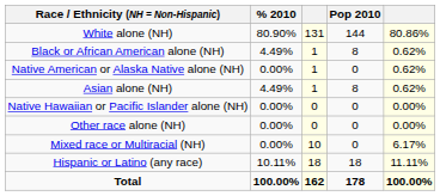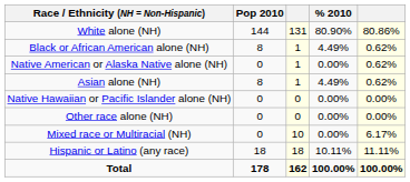 <table class="wikitable" style="text-align:center;">
 <tr>
 <th>Race / Ethnicity <small>(<em>NH = Non-Hispanic</em>)</small></th>
+<th>Pop 2010</th>
+<th></th>
 <th>% 2010</th>
-<th></th>
-<th>Pop 2010</th>
 <th></th>
 </tr>
 <tr>
 <td><a href='#'>White</a> alone (NH)</td>
+<td>144</td>
+<td style='background: #ffffe6;'>131</td>
 <td>80.90%</td>
-<td style='background: #ffffe6;'>131</td>
-<td>144</td>
 <td style='background: #ffffe6;'>80.86%</td>
 </tr>
 <tr>
 <td><a href='#'>Black or African American</a> alone (NH)</td>
+<td>8</td>
+<td style='background: #ffffe6;'>1</td>
 <td>4.49%</td>
-<td style='background: #ffffe6;'>1</td>
-<td>8</td>
 <td style='background: #ffffe6;'>0.62%</td>
 </tr>
 <tr>
 <td><a href='#'>Native American</a> or <a href='#'>Alaska Native</a> alone (NH)</td>
+<td>0</td>
+<td style='background: #ffffe6;'>1</td>
 <td>0.00%</td>
-<td style='background: #ffffe6;'>1</td>
-<td>0</td>
 <td style='background: #ffffe6;'>0.62%</td>
 </tr>
 <tr>
 <td><a href='#'>Asian</a> alone (NH)</td>
+<td>8</td>
+<td style='background: #ffffe6;'>1</td>
 <td>4.49%</td>
-<td style='background: #ffffe6;'>1</td>
-<td>8</td>
 <td style='background: #ffffe6;'>0.62%</td>
 </tr>
 <tr>
 <td><a href='#'>Native Hawaiian</a> or <a href='#'>Pacific Islander</a> alone (NH)</td>
+<td>0</td>
+<td style='background: #ffffe6;'>0</td>
 <td>0.00%</td>
-<td style='background: #ffffe6;'>0</td>
-<td>0</td>
 <td style='background: #ffffe6;'>0.00%</td>
 </tr>
 <tr>
 <td><a href='#'>Other race</a> alone (NH)</td>
+<td>0</td>
+<td style='background: #ffffe6;'>0</td>
 <td>0.00%</td>
-<td style='background: #ffffe6;'>0</td>
-<td>0</td>
 <td style='background: #ffffe6;'>0.00%</td>
 </tr>
 <tr>
 <td><a href='#'>Mixed race or Multiracial</a> (NH)</td>
+<td>0</td>
+<td style='background: #ffffe6;'>10</td>
 <td>0.00%</td>
-<td style='background: #ffffe6;'>10</td>
-<td>0</td>
 <td style='background: #ffffe6;'>6.17%</td>
 </tr>
 <tr>
 <td><a href='#'>Hispanic or Latino</a> (any race)</td>
+<td>18</td>
+<td style='background: #ffffe6;'>18</td>
 <td>10.11%</td>
-<td style='background: #ffffe6;'>18</td>
-<td>18</td>
 <td style='background: #ffffe6;'>11.11%</td>
 </tr>
 <tr>
 <td><strong>Total</strong></td>
+<td><strong>178</strong></td>
+<td style='background: #ffffe6;'><strong>162</strong></td>
 <td><strong>100.00%</strong></td>
-<td style='background: #ffffe6;'><strong>162</strong></td>
-<td><strong>178</strong></td>
 <td style='background: #ffffe6;'><strong>100.00%</strong></td>
 </tr>
 </table>
